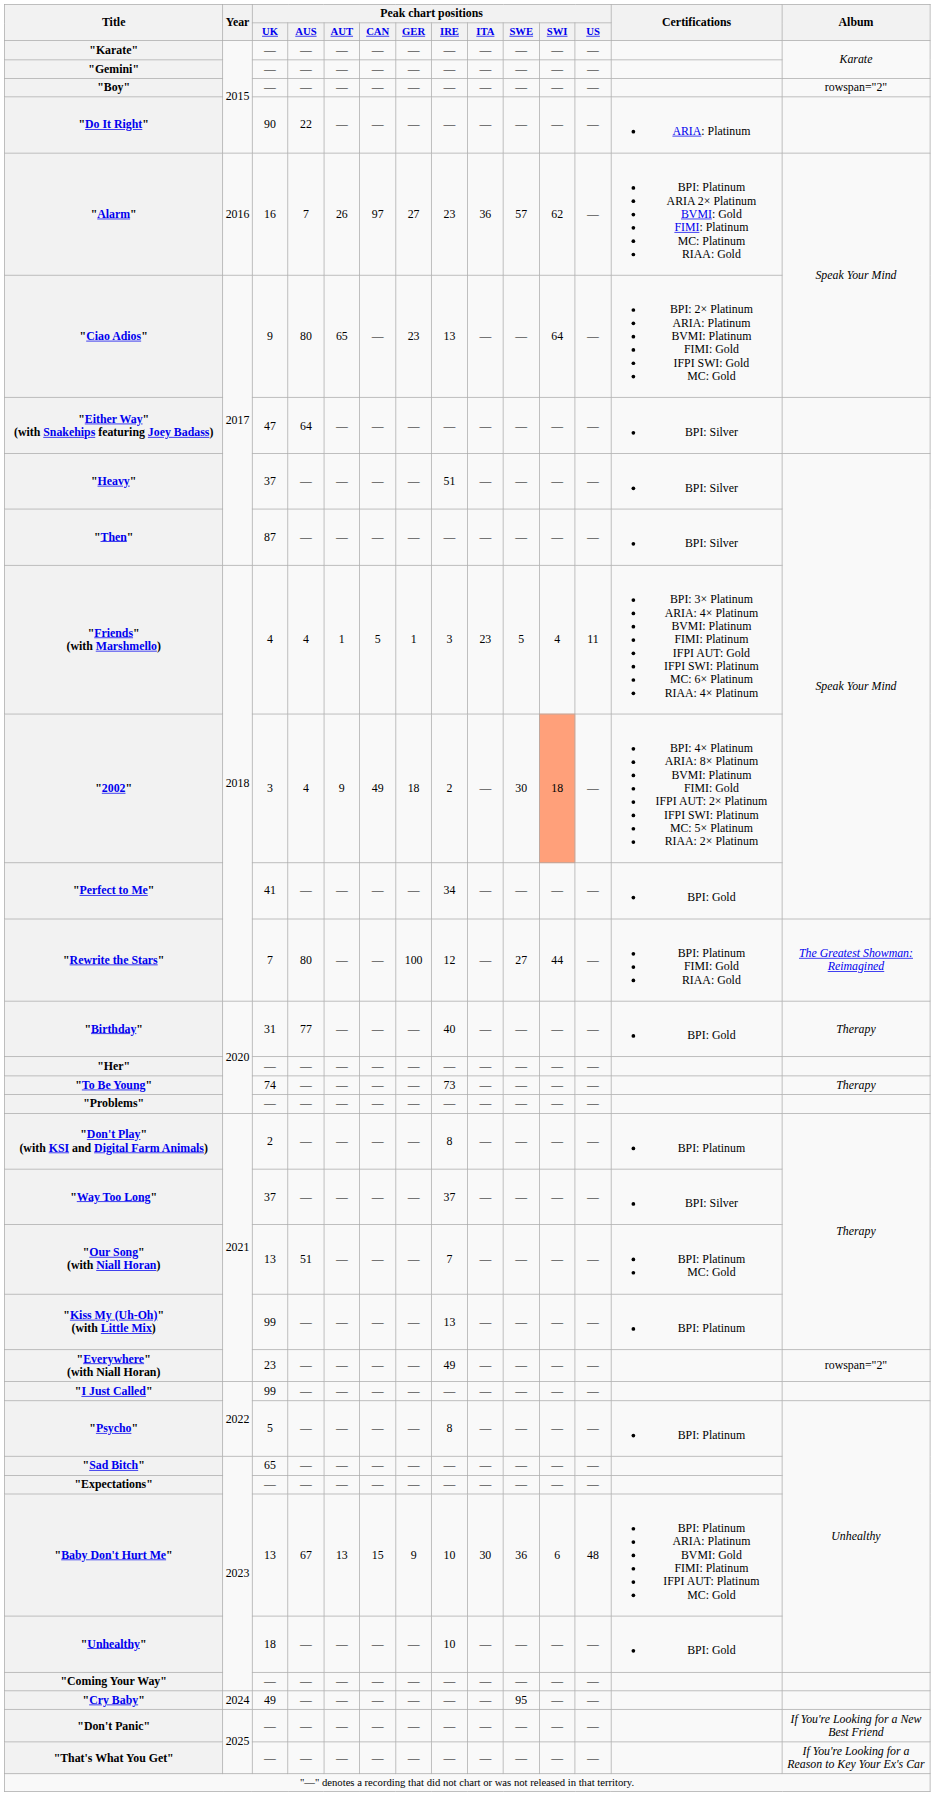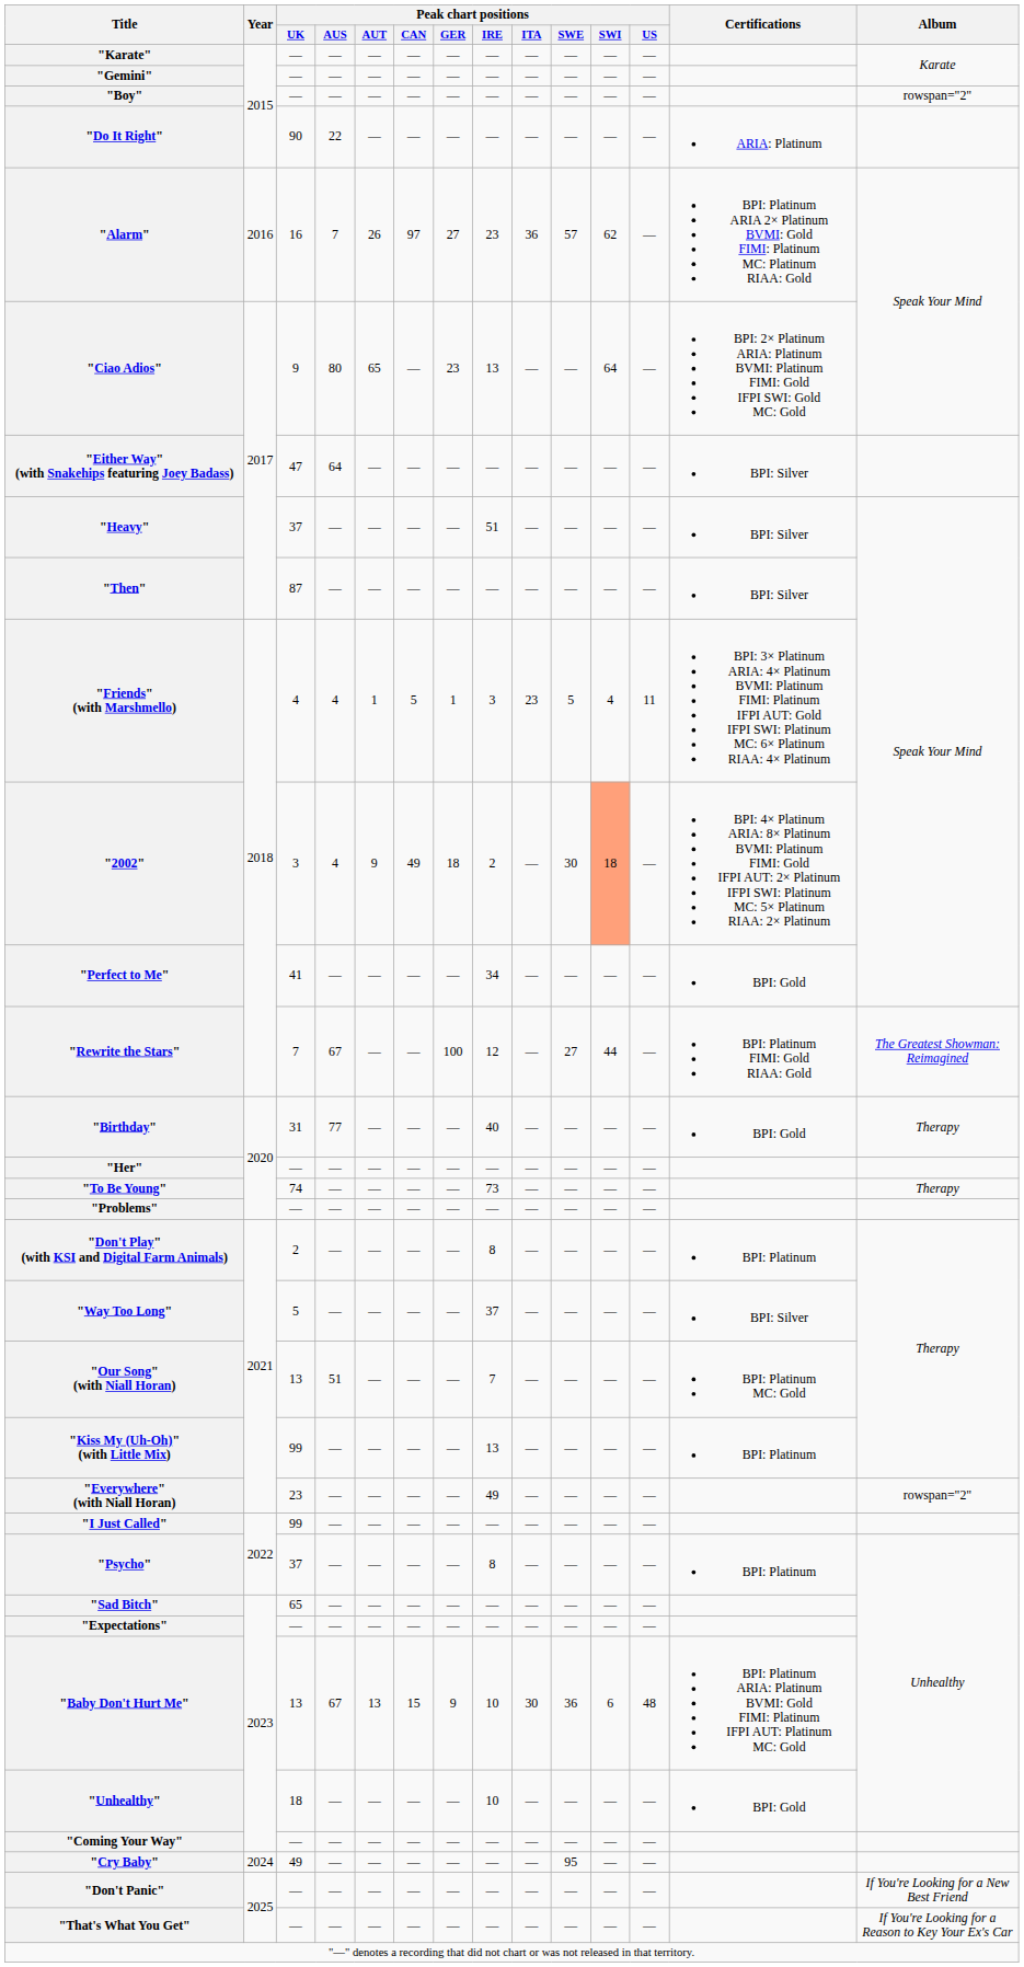 <table class="wikitable plainrowheaders" style="text-align:center;">
 <tr>
 <th scope="col" rowspan="2" style="width:18em;">Title</th>
 <th scope="col" rowspan="2" style="width:1em;">Year</th>
 <th scope="col" colspan="10">Peak chart positions</th>
 <th scope="col" rowspan="2" style="width:14em;">Certifications</th>
 <th scope="col" rowspan="2" style="width:12em;">Album</th>
 </tr>
 <tr>
 <th scope="col" style="width:2.9em;font-size:90%;"><a href='#'>UK</a><br></th>
 <th scope="col" style="width:2.9em;font-size:90%;"><a href='#'>AUS</a><br></th>
 <th scope="col" style="width:2.9em;font-size:90%;"><a href='#'>AUT</a><br></th>
 <th scope="col" style="width:2.9em;font-size:90%;"><a href='#'>CAN</a><br></th>
 <th scope="col" style="width:2.9em;font-size:90%;"><a href='#'>GER</a><br></th>
 <th scope="col" style="width:2.9em;font-size:90%;"><a href='#'>IRE</a><br></th>
 <th scope="col" style="width:2.9em;font-size:90%;"><a href='#'>ITA</a><br></th>
 <th scope="col" style="width:2.9em;font-size:90%;"><a href='#'>SWE</a><br></th>
 <th scope="col" style="width:2.9em;font-size:90%;"><a href='#'>SWI</a><br></th>
 <th scope="col" style="width:2.9em;font-size:90%;"><a href='#'>US</a><br></th>
 </tr>
 <tr>
 <th scope="row">"Karate"</th>
 <td rowspan="4">2015</td>
 <td>—</td>
 <td>—</td>
 <td>—</td>
 <td>—</td>
 <td>—</td>
 <td>—</td>
 <td>—</td>
 <td>—</td>
 <td>—</td>
 <td>—</td>
 <td></td>
 <td rowspan="2"><em>Karate</em></td>
 </tr>
 <tr>
 <th scope="row">"Gemini"</th>
 <td>—</td>
 <td>—</td>
 <td>—</td>
 <td>—</td>
 <td>—</td>
 <td>—</td>
 <td>—</td>
 <td>—</td>
 <td>—</td>
 <td>—</td>
 <td></td>
 </tr>
 <tr>
 <th scope="row">"Boy"</th>
 <td>—</td>
 <td>—</td>
 <td>—</td>
 <td>—</td>
 <td>—</td>
 <td>—</td>
 <td>—</td>
 <td>—</td>
 <td>—</td>
 <td>—</td>
 <td></td>
 <td>rowspan="2" </td>
 </tr>
 <tr>
 <th scope="row">"<a href='#'>Do It Right</a>"</th>
 <td>90</td>
 <td>22</td>
 <td>—</td>
 <td>—</td>
 <td>—</td>
 <td>—</td>
 <td>—</td>
 <td>—</td>
 <td>—</td>
 <td>—</td>
 <td><br><ul><li><a href='#'>ARIA</a>: Platinum</li></ul></td>
 </tr>
 <tr>
 <th scope="row">"<a href='#'>Alarm</a>"</th>
 <td>2016</td>
 <td>16</td>
 <td>7</td>
 <td>26</td>
 <td>97</td>
 <td>27</td>
 <td>23</td>
 <td>36</td>
 <td>57</td>
 <td>62</td>
 <td>—</td>
 <td><br><ul><li>BPI: Platinum</li><li>ARIA 2× Platinum</li><li><a href='#'>BVMI</a>: Gold</li><li><a href='#'>FIMI</a>: Platinum</li><li>MC: Platinum</li><li>RIAA: Gold</li></ul></td>
 <td rowspan="2"><em>Speak Your Mind</em></td>
 </tr>
 <tr>
 <th scope="row">"<a href='#'>Ciao Adios</a>"</th>
 <td rowspan="4">2017</td>
 <td>9</td>
 <td>80</td>
 <td>65</td>
 <td>—</td>
 <td>23</td>
 <td>13</td>
 <td>—</td>
 <td>—</td>
 <td>64</td>
 <td>—</td>
 <td><br><ul><li>BPI: 2× Platinum</li><li>ARIA: Platinum</li><li>BVMI: Platinum</li><li>FIMI: Gold</li><li>IFPI SWI: Gold</li><li>MC: Gold</li></ul></td>
 </tr>
 <tr>
 <th scope="row">"<a href='#'>Either Way</a>"<br><span>(with <a href='#'>Snakehips</a> featuring <a href='#'>Joey Badass</a>)</span></th>
 <td>47</td>
 <td>64</td>
 <td>—</td>
 <td>—</td>
 <td>—</td>
 <td>—</td>
 <td>—</td>
 <td>—</td>
 <td>—</td>
 <td>—</td>
 <td><br><ul><li>BPI: Silver</li></ul></td>
 <td></td>
 </tr>
 <tr>
 <th scope="row">"<a href='#'>Heavy</a>"</th>
 <td>37</td>
 <td>—</td>
 <td>—</td>
 <td>—</td>
 <td>—</td>
 <td>51</td>
 <td>—</td>
 <td>—</td>
 <td>—</td>
 <td>—</td>
 <td><br><ul><li>BPI: Silver</li></ul></td>
 <td rowspan="5"><em>Speak Your Mind</em></td>
 </tr>
 <tr>
 <th scope="row">"<a href='#'>Then</a>"</th>
 <td>87</td>
 <td>—</td>
 <td>—</td>
 <td>—</td>
 <td>—</td>
 <td>—</td>
 <td>—</td>
 <td>—</td>
 <td>—</td>
 <td>—</td>
 <td><br><ul><li>BPI: Silver</li></ul></td>
 </tr>
 <tr>
 <th scope="row">"<a href='#'>Friends</a>"<br><span>(with <a href='#'>Marshmello</a>)</span></th>
 <td rowspan="4">2018</td>
 <td>4</td>
 <td>4</td>
 <td>1</td>
 <td>5</td>
 <td>1</td>
 <td>3</td>
 <td>23</td>
 <td>5</td>
 <td>4</td>
 <td>11</td>
 <td><br><ul><li>BPI: 3× Platinum</li><li>ARIA: 4× Platinum</li><li>BVMI: Platinum</li><li>FIMI: Platinum</li><li>IFPI AUT: Gold</li><li>IFPI SWI: Platinum</li><li>MC: 6× Platinum</li><li>RIAA: 4× Platinum</li></ul></td>
 </tr>
 <tr>
 <th scope="row">"<a href='#'>2002</a>"</th>
 <td>3</td>
 <td>4</td>
 <td>9</td>
 <td>49</td>
 <td>18</td>
 <td>2</td>
 <td>—</td>
 <td>30</td>
 <td style="background: lightsalmon;">18</td>
 <td>—</td>
 <td><br><ul><li>BPI: 4× Platinum</li><li>ARIA: 8× Platinum</li><li>BVMI: Platinum</li><li>FIMI: Gold</li><li>IFPI AUT: 2× Platinum</li><li>IFPI SWI: Platinum</li><li>MC: 5× Platinum</li><li>RIAA: 2× Platinum</li></ul></td>
 </tr>
 <tr>
 <th scope="row">"<a href='#'>Perfect to Me</a>"</th>
 <td>41</td>
 <td>—</td>
 <td>—</td>
 <td>—</td>
 <td>—</td>
 <td>34</td>
 <td>—</td>
 <td>—</td>
 <td>—</td>
 <td>—</td>
 <td><br><ul><li>BPI: Gold</li></ul></td>
 </tr>
 <tr>
 <th scope="row">"<a href='#'>Rewrite the Stars</a>"<br></th>
 <td>7</td>
-<td>80</td>
+<td>67</td>
 <td>—</td>
 <td>—</td>
 <td>100</td>
 <td>12</td>
 <td>—</td>
 <td>27</td>
 <td>44</td>
 <td>—</td>
 <td><br><ul><li>BPI: Platinum</li><li>FIMI: Gold</li><li>RIAA: Gold</li></ul></td>
 <td><em><a href='#'>The Greatest Showman: Reimagined</a></em></td>
 </tr>
 <tr>
 <th scope="row">"<a href='#'>Birthday</a>"</th>
 <td rowspan="4">2020</td>
 <td>31</td>
 <td>77</td>
 <td>—</td>
 <td>—</td>
 <td>—</td>
 <td>40</td>
 <td>—</td>
 <td>—</td>
 <td>—</td>
 <td>—</td>
 <td><br><ul><li>BPI: Gold</li></ul></td>
 <td><em>Therapy</em></td>
 </tr>
 <tr>
 <th scope="row">"Her"</th>
 <td>—</td>
 <td>—</td>
 <td>—</td>
 <td>—</td>
 <td>—</td>
 <td>—</td>
 <td>—</td>
 <td>—</td>
 <td>—</td>
 <td>—</td>
 <td></td>
 <td></td>
 </tr>
 <tr>
 <th scope="row">"<a href='#'>To Be Young</a>"<br></th>
 <td>74</td>
 <td>—</td>
 <td>—</td>
 <td>—</td>
 <td>—</td>
 <td>73</td>
 <td>—</td>
 <td>—</td>
 <td>—</td>
 <td>—</td>
 <td></td>
 <td><em>Therapy</em></td>
 </tr>
 <tr>
 <th scope="row">"Problems"</th>
 <td>—</td>
 <td>—</td>
 <td>—</td>
 <td>—</td>
 <td>—</td>
 <td>—</td>
 <td>—</td>
 <td>—</td>
 <td>—</td>
 <td>—</td>
 <td></td>
 <td></td>
 </tr>
 <tr>
 <th scope="row">"<a href='#'>Don't Play</a>"<br><span>(with <a href='#'>KSI</a> and <a href='#'>Digital Farm Animals</a>)</span></th>
 <td rowspan="5">2021</td>
 <td>2</td>
 <td>—</td>
 <td>—</td>
 <td>—</td>
 <td>—</td>
 <td>8</td>
 <td>—</td>
 <td>—</td>
 <td>—</td>
 <td>—</td>
 <td><br><ul><li>BPI: Platinum</li></ul></td>
 <td rowspan="4"><em>Therapy</em></td>
 </tr>
 <tr>
 <th scope="row">"<a href='#'>Way Too Long</a>"<br></th>
-<td>37</td>
+<td>5</td>
 <td>—</td>
 <td>—</td>
 <td>—</td>
 <td>—</td>
 <td>37</td>
 <td>—</td>
 <td>—</td>
 <td>—</td>
 <td>—</td>
 <td><br><ul><li>BPI: Silver</li></ul></td>
 </tr>
 <tr>
 <th scope="row">"<a href='#'>Our Song</a>"<br><span>(with <a href='#'>Niall Horan</a>)</span></th>
 <td>13</td>
 <td>51</td>
 <td>—</td>
 <td>—</td>
 <td>—</td>
 <td>7</td>
 <td>—</td>
 <td>—</td>
 <td>—</td>
 <td>—</td>
 <td><br><ul><li>BPI: Platinum</li><li>MC: Gold</li></ul></td>
 </tr>
 <tr>
 <th scope="row">"<a href='#'>Kiss My (Uh-Oh)</a>"<br><span>(with <a href='#'>Little Mix</a>)</span></th>
 <td>99</td>
 <td>—</td>
 <td>—</td>
 <td>—</td>
 <td>—</td>
 <td>13</td>
 <td>—</td>
 <td>—</td>
 <td>—</td>
 <td>—</td>
 <td><br><ul><li>BPI: Platinum</li></ul></td>
 </tr>
 <tr>
 <th scope="row">"<a href='#'>Everywhere</a>"<br><span>(with Niall Horan)</span></th>
 <td>23</td>
 <td>—</td>
 <td>—</td>
 <td>—</td>
 <td>—</td>
 <td>49</td>
 <td>—</td>
 <td>—</td>
 <td>—</td>
 <td>—</td>
 <td></td>
 <td>rowspan="2" </td>
 </tr>
 <tr>
 <th scope="row">"<a href='#'>I Just Called</a>"<br></th>
 <td rowspan="2">2022</td>
 <td>99</td>
 <td>—</td>
 <td>—</td>
 <td>—</td>
 <td>—</td>
 <td>—</td>
 <td>—</td>
 <td>—</td>
 <td>—</td>
 <td>—</td>
 <td></td>
 </tr>
 <tr>
 <th scope="row">"<a href='#'>Psycho</a>"<br></th>
-<td>5</td>
+<td>37</td>
 <td>—</td>
 <td>—</td>
 <td>—</td>
 <td>—</td>
 <td>8</td>
 <td>—</td>
 <td>—</td>
 <td>—</td>
 <td>—</td>
 <td><br><ul><li>BPI: Platinum</li></ul></td>
 <td rowspan="5"><em>Unhealthy</em></td>
 </tr>
 <tr>
 <th scope="row">"<a href='#'>Sad Bitch</a>"</th>
 <td rowspan="5">2023</td>
 <td>65</td>
 <td>—</td>
 <td>—</td>
 <td>—</td>
 <td>—</td>
 <td>—</td>
 <td>—</td>
 <td>—</td>
 <td>—</td>
 <td>—</td>
 <td></td>
 </tr>
 <tr>
 <th scope="row">"Expectations"<br></th>
 <td>—</td>
 <td>—</td>
 <td>—</td>
 <td>—</td>
 <td>—</td>
 <td>—</td>
 <td>—</td>
 <td>—</td>
 <td>—</td>
 <td>—</td>
 <td></td>
 </tr>
 <tr>
 <th scope="row">"<a href='#'>Baby Don't Hurt Me</a>"<br></th>
 <td>13</td>
 <td>67</td>
 <td>13</td>
 <td>15</td>
 <td>9</td>
 <td>10</td>
 <td>30</td>
 <td>36</td>
 <td>6</td>
 <td>48</td>
 <td><br><ul><li>BPI: Platinum</li><li>ARIA: Platinum</li><li>BVMI: Gold</li><li>FIMI: Platinum</li><li>IFPI AUT: Platinum</li><li>MC: Gold</li></ul></td>
 </tr>
 <tr>
 <th scope="row">"<a href='#'>Unhealthy</a>"<br></th>
 <td>18</td>
 <td>—</td>
 <td>—</td>
 <td>—</td>
 <td>—</td>
 <td>10<br></td>
 <td>—</td>
 <td>—</td>
 <td>—</td>
 <td>—</td>
 <td><br><ul><li>BPI: Gold</li></ul></td>
 </tr>
 <tr>
 <th scope="row">"Coming Your Way"<br></th>
 <td>—</td>
 <td>—</td>
 <td>—</td>
 <td>—</td>
 <td>—</td>
 <td>—</td>
 <td>—</td>
 <td>—</td>
 <td>—</td>
 <td>—</td>
 <td></td>
 <td></td>
 </tr>
 <tr>
 <th scope="row">"<a href='#'>Cry Baby</a>"<br></th>
 <td>2024</td>
 <td>49</td>
 <td>—</td>
 <td>—</td>
 <td>—</td>
 <td>—</td>
 <td>—</td>
 <td>—</td>
 <td>95<br></td>
 <td>—</td>
 <td>—</td>
 <td></td>
 <td></td>
 </tr>
 <tr>
 <th scope="row">"Don't Panic"</th>
 <td rowspan="2">2025</td>
 <td>—</td>
 <td>—</td>
 <td>—</td>
 <td>—</td>
 <td>—</td>
 <td>—</td>
 <td>—</td>
 <td>—</td>
 <td>—</td>
 <td>—</td>
 <td></td>
 <td><em>If You're Looking for a New Best Friend</em></td>
 </tr>
 <tr>
 <th scope="row">"That's What You Get"</th>
 <td>—</td>
 <td>—</td>
 <td>—</td>
 <td>—</td>
 <td>—</td>
 <td>—</td>
 <td>—</td>
 <td>—</td>
 <td>—</td>
 <td>—</td>
 <td></td>
 <td><em>If You're Looking for a Reason to Key Your Ex's Car</em></td>
 </tr>
 <tr>
 <td colspan="14" style="font-size:90%">"—" denotes a recording that did not chart or was not released in that territory.</td>
 </tr>
 </table>
